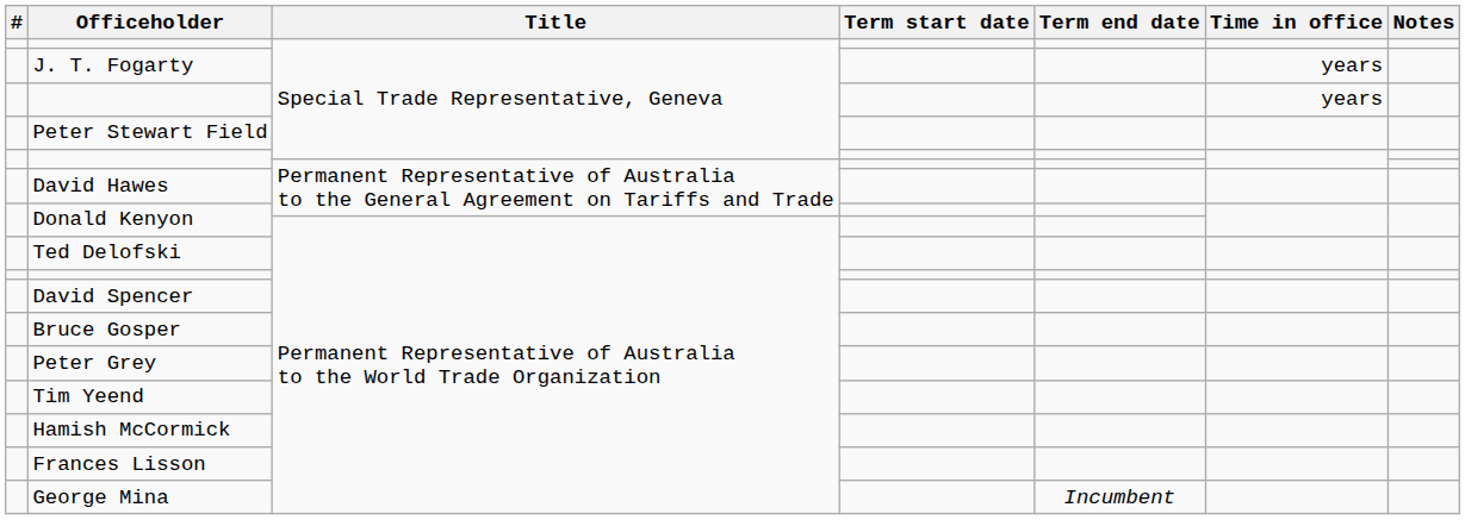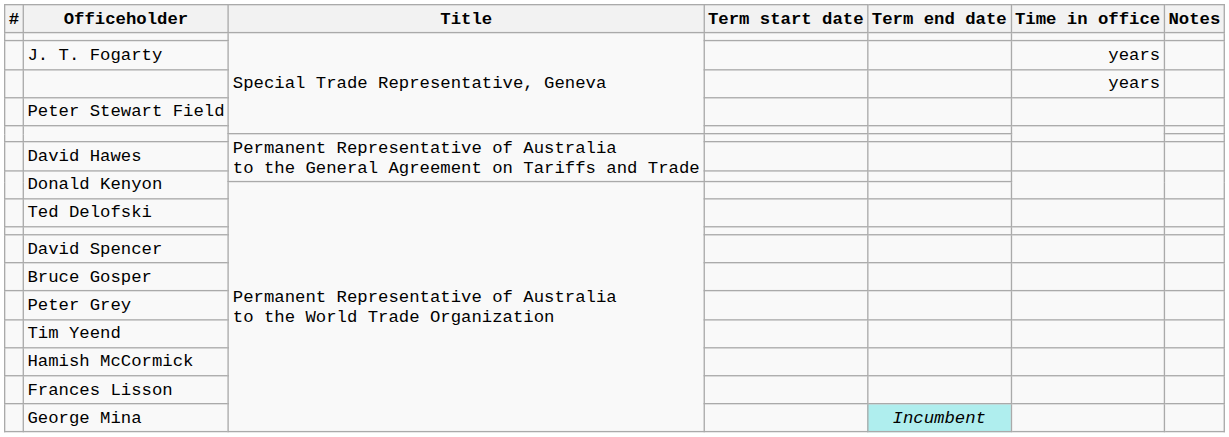 <table class='wikitable sortable'>
 <tr>
 <th>#</th>
 <th>Officeholder</th>
 <th>Title</th>
 <th>Term start date</th>
 <th>Term end date</th>
 <th>Time in office</th>
 <th>Notes</th>
 </tr>
 <tr>
 <td align=center></td>
 <td></td>
 <td rowspan=5>Special Trade Representative, Geneva</td>
 <td align=center></td>
 <td align=center></td>
 <td align=right></td>
 <td></td>
 </tr>
 <tr>
 <td align=center></td>
 <td>J. T. Fogarty</td>
 <td align=center></td>
 <td align=center></td>
 <td align=right> years</td>
 <td></td>
 </tr>
 <tr>
 <td align=center></td>
 <td></td>
 <td align=center></td>
 <td align=center></td>
 <td align=right> years</td>
 <td></td>
 </tr>
 <tr>
 <td align=center></td>
 <td>Peter Stewart Field</td>
 <td align=center></td>
 <td align=center></td>
 <td align=right></td>
 <td></td>
 </tr>
 <tr>
 <td rowspan=2 align=center></td>
 <td rowspan=2></td>
 <td align=center></td>
 <td align=center></td>
 <td rowspan=2 align=right><strong></strong></td>
 <td></td>
 </tr>
 <tr>
 <td rowspan=3>Permanent Representative of Australia<br>to the General Agreement on Tariffs and Trade</td>
 <td align=center></td>
 <td align=center></td>
 <td></td>
 </tr>
 <tr>
 <td align=center></td>
 <td>David Hawes</td>
 <td align=center></td>
 <td align=center></td>
 <td align=right></td>
 <td></td>
 </tr>
 <tr>
 <td rowspan=2 align=center></td>
 <td rowspan=2>Donald Kenyon</td>
 <td align=center></td>
 <td align=center></td>
 <td rowspan=2 align=right></td>
 <td rowspan=2></td>
 </tr>
 <tr>
 <td rowspan=10>Permanent Representative of Australia<br>to the World Trade Organization</td>
 <td align=center></td>
 <td align=center></td>
 </tr>
 <tr>
 <td align=center></td>
 <td>Ted Delofski</td>
 <td align=center></td>
 <td align=center></td>
 <td align=right></td>
 <td></td>
 </tr>
 <tr>
 <td align=center></td>
 <td></td>
 <td align=center></td>
 <td align=center></td>
 <td align=right></td>
 <td></td>
 </tr>
 <tr>
 <td align=center></td>
 <td>David Spencer</td>
 <td align=center></td>
 <td align=center></td>
 <td align=right></td>
 <td></td>
 </tr>
 <tr>
 <td align=center></td>
 <td>Bruce Gosper</td>
 <td align=center></td>
 <td align=center></td>
 <td align=right></td>
 <td></td>
 </tr>
 <tr>
 <td align=center></td>
 <td>Peter Grey</td>
 <td align=center></td>
 <td align=center></td>
 <td align=right></td>
 <td></td>
 </tr>
 <tr>
 <td align=center></td>
 <td>Tim Yeend</td>
 <td align=center></td>
 <td align=center></td>
 <td align=right></td>
 <td></td>
 </tr>
 <tr>
 <td align=center></td>
 <td>Hamish McCormick</td>
 <td align=center></td>
 <td align=center></td>
 <td align=right></td>
 <td></td>
 </tr>
 <tr>
 <td align=center></td>
 <td>Frances Lisson</td>
 <td align=center></td>
 <td align=center></td>
 <td align=right></td>
 <td></td>
 </tr>
 <tr>
 <td align=center></td>
 <td>George Mina</td>
 <td align=center></td>
-<td align=center><em>Incumbent</em></td>
+<td align=center style="background: paleturquoise;"><em>Incumbent</em></td>
 <td align=right></td>
 <td></td>
 </tr>
 </table>
